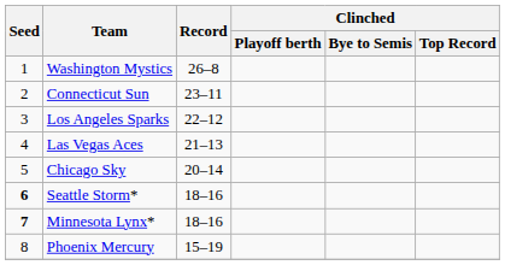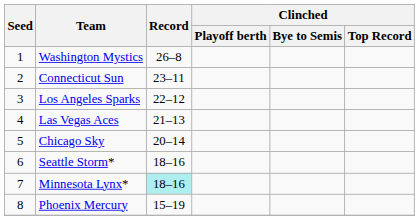 <table class="wikitable"  style="font-size:95%; text-align:center">
 <tr>
 <th rowspan=2>Seed</th>
 <th rowspan=2>Team</th>
 <th rowspan=2>Record</th>
 <th colspan=3>Clinched</th>
 </tr>
 <tr>
 <th>Playoff berth</th>
 <th>Bye to Semis</th>
 <th>Top Record</th>
 </tr>
 <tr>
 <td>1</td>
 <td align=left><a href='#'>Washington Mystics</a></td>
 <td>26–8</td>
 <td></td>
 <td></td>
 <td></td>
 </tr>
 <tr>
 <td>2</td>
 <td align=left><a href='#'>Connecticut Sun</a></td>
 <td>23–11</td>
 <td></td>
 <td></td>
 <td></td>
 </tr>
 <tr>
 <td>3</td>
 <td align=left><a href='#'>Los Angeles Sparks</a></td>
 <td>22–12</td>
 <td></td>
 <td></td>
 <td></td>
 </tr>
 <tr>
 <td>4</td>
 <td align=left><a href='#'>Las Vegas Aces</a></td>
 <td>21–13</td>
 <td></td>
 <td></td>
 <td></td>
 </tr>
 <tr>
 <td>5</td>
 <td align=left><a href='#'>Chicago Sky</a></td>
 <td>20–14</td>
 <td></td>
 <td></td>
 <td></td>
 </tr>
 <tr>
-<td><strong>6</strong></td>
+<td>6</td>
 <td align=left><a href='#'>Seattle Storm</a>*</td>
 <td>18–16</td>
 <td></td>
 <td></td>
 <td></td>
 </tr>
 <tr>
-<td><strong>7</strong></td>
+<td>7</td>
 <td align=left><a href='#'>Minnesota Lynx</a>*</td>
-<td>18–16</td>
+<td style="background: paleturquoise;">18–16</td>
 <td></td>
 <td></td>
 <td></td>
 </tr>
 <tr>
 <td>8</td>
 <td align=left><a href='#'>Phoenix Mercury</a></td>
 <td>15–19</td>
 <td></td>
 <td></td>
 <td></td>
 </tr>
 <tr>
 </tr>
 </table>
